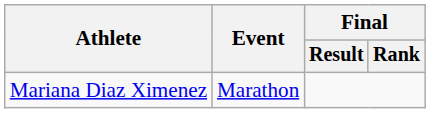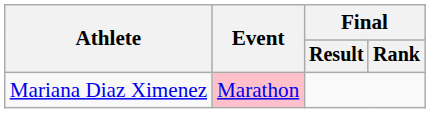 <table class="wikitable" style="font-size:90%">
 <tr>
 <th rowspan="2">Athlete</th>
 <th rowspan="2">Event</th>
 <th colspan="2">Final</th>
 </tr>
 <tr style="font-size:95%">
 <th>Result</th>
 <th>Rank</th>
 </tr>
 <tr>
 <td><a href='#'>Mariana Diaz Ximenez</a></td>
-<td><a href='#'>Marathon</a></td>
+<td style="background: pink;"><a href='#'>Marathon</a></td>
 <td align=center colspan=2></td>
 </tr>
 </table>
